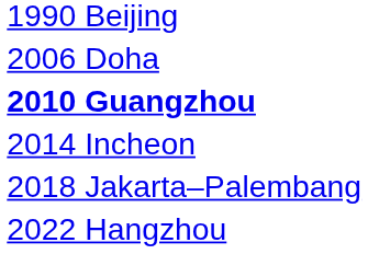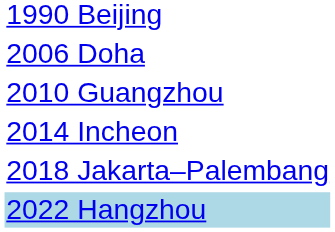 <table>
 <tr>
 <td><a href='#'>1990 Beijing</a></td>
 <td></td>
 <td></td>
 <td></td>
 </tr>
 <tr>
 <td><a href='#'>2006 Doha</a></td>
 <td></td>
 <td></td>
 <td></td>
 </tr>
 <tr>
-<td><strong><a href='#'>2010 Guangzhou</a></strong></td>
+<td><a href='#'>2010 Guangzhou</a></td>
 <td></td>
 <td></td>
 <td></td>
 </tr>
 <tr>
 <td><a href='#'>2014 Incheon</a></td>
 <td></td>
 <td></td>
 <td></td>
 </tr>
 <tr>
 <td><a href='#'>2018 Jakarta–Palembang</a></td>
 <td></td>
 <td></td>
 <td></td>
 </tr>
 <tr>
-<td><a href='#'>2022 Hangzhou</a></td>
+<td style="background: lightblue;"><a href='#'>2022 Hangzhou</a></td>
 <td></td>
 <td></td>
 <td></td>
 </tr>
 </table>
